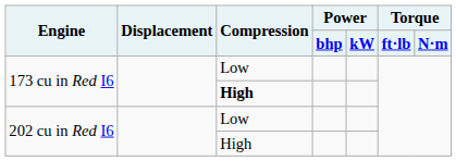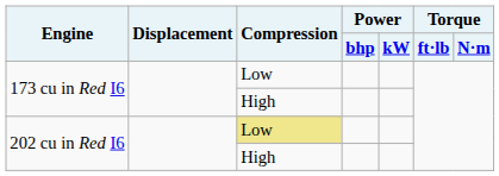 <table class="wikitable" table align="left" style="clear:right; margin-left: 1em">
 <tr>
 <th style="background:#E8F4F8;" rowspan=2>Engine</th>
 <th style="background:#E8F4F8;" rowspan=2>Displacement</th>
 <th style="background:#E8F4F8;" rowspan=2>Compression</th>
 <th style="background:#E8F4F8;" colspan=2>Power</th>
 <th style="background:#E8F4F8;" colspan=2>Torque</th>
 </tr>
 <tr>
 <th style="background:#E8F4F8;"><a href='#'>bhp</a></th>
 <th style="background:#E8F4F8;"><a href='#'>kW</a></th>
 <th style="background:#E8F4F8;"><a href='#'>ft·lb</a></th>
 <th style="background:#E8F4F8;"><a href='#'>N·m</a></th>
 </tr>
 <tr>
 <td rowspan="2">173 cu in <em>Red</em> <a href='#'>I6</a></td>
 <td rowspan="2"></td>
 <td>Low</td>
 <td></td>
 <td></td>
 </tr>
 <tr>
-<td><strong>High</strong></td>
+<td>High</td>
 <td></td>
 <td></td>
 </tr>
 <tr>
 <td rowspan="2">202 cu in <em>Red</em> <a href='#'>I6</a></td>
 <td rowspan="2"></td>
-<td>Low</td>
+<td style="background: khaki;">Low</td>
 <td></td>
 <td></td>
 </tr>
 <tr>
 <td>High</td>
 <td></td>
 <td></td>
 </tr>
 </table>
